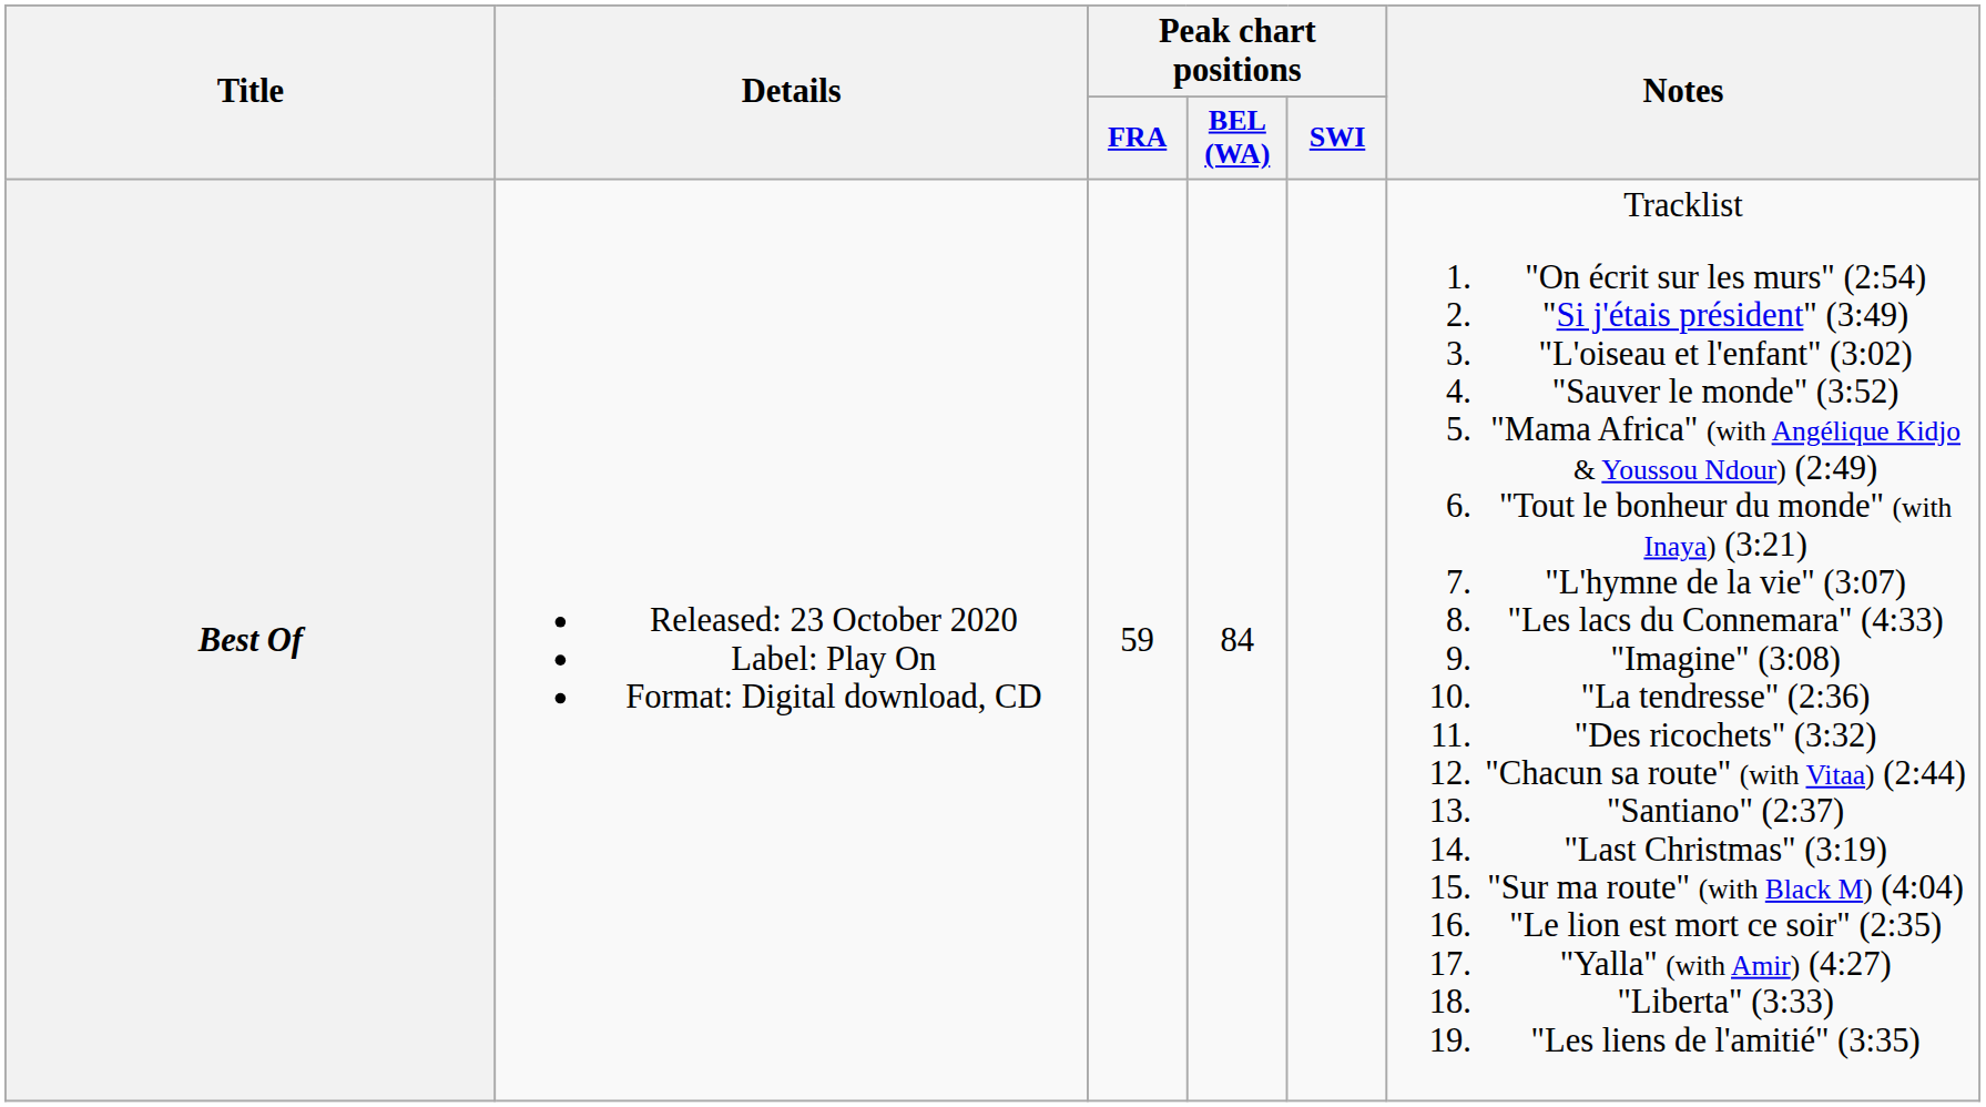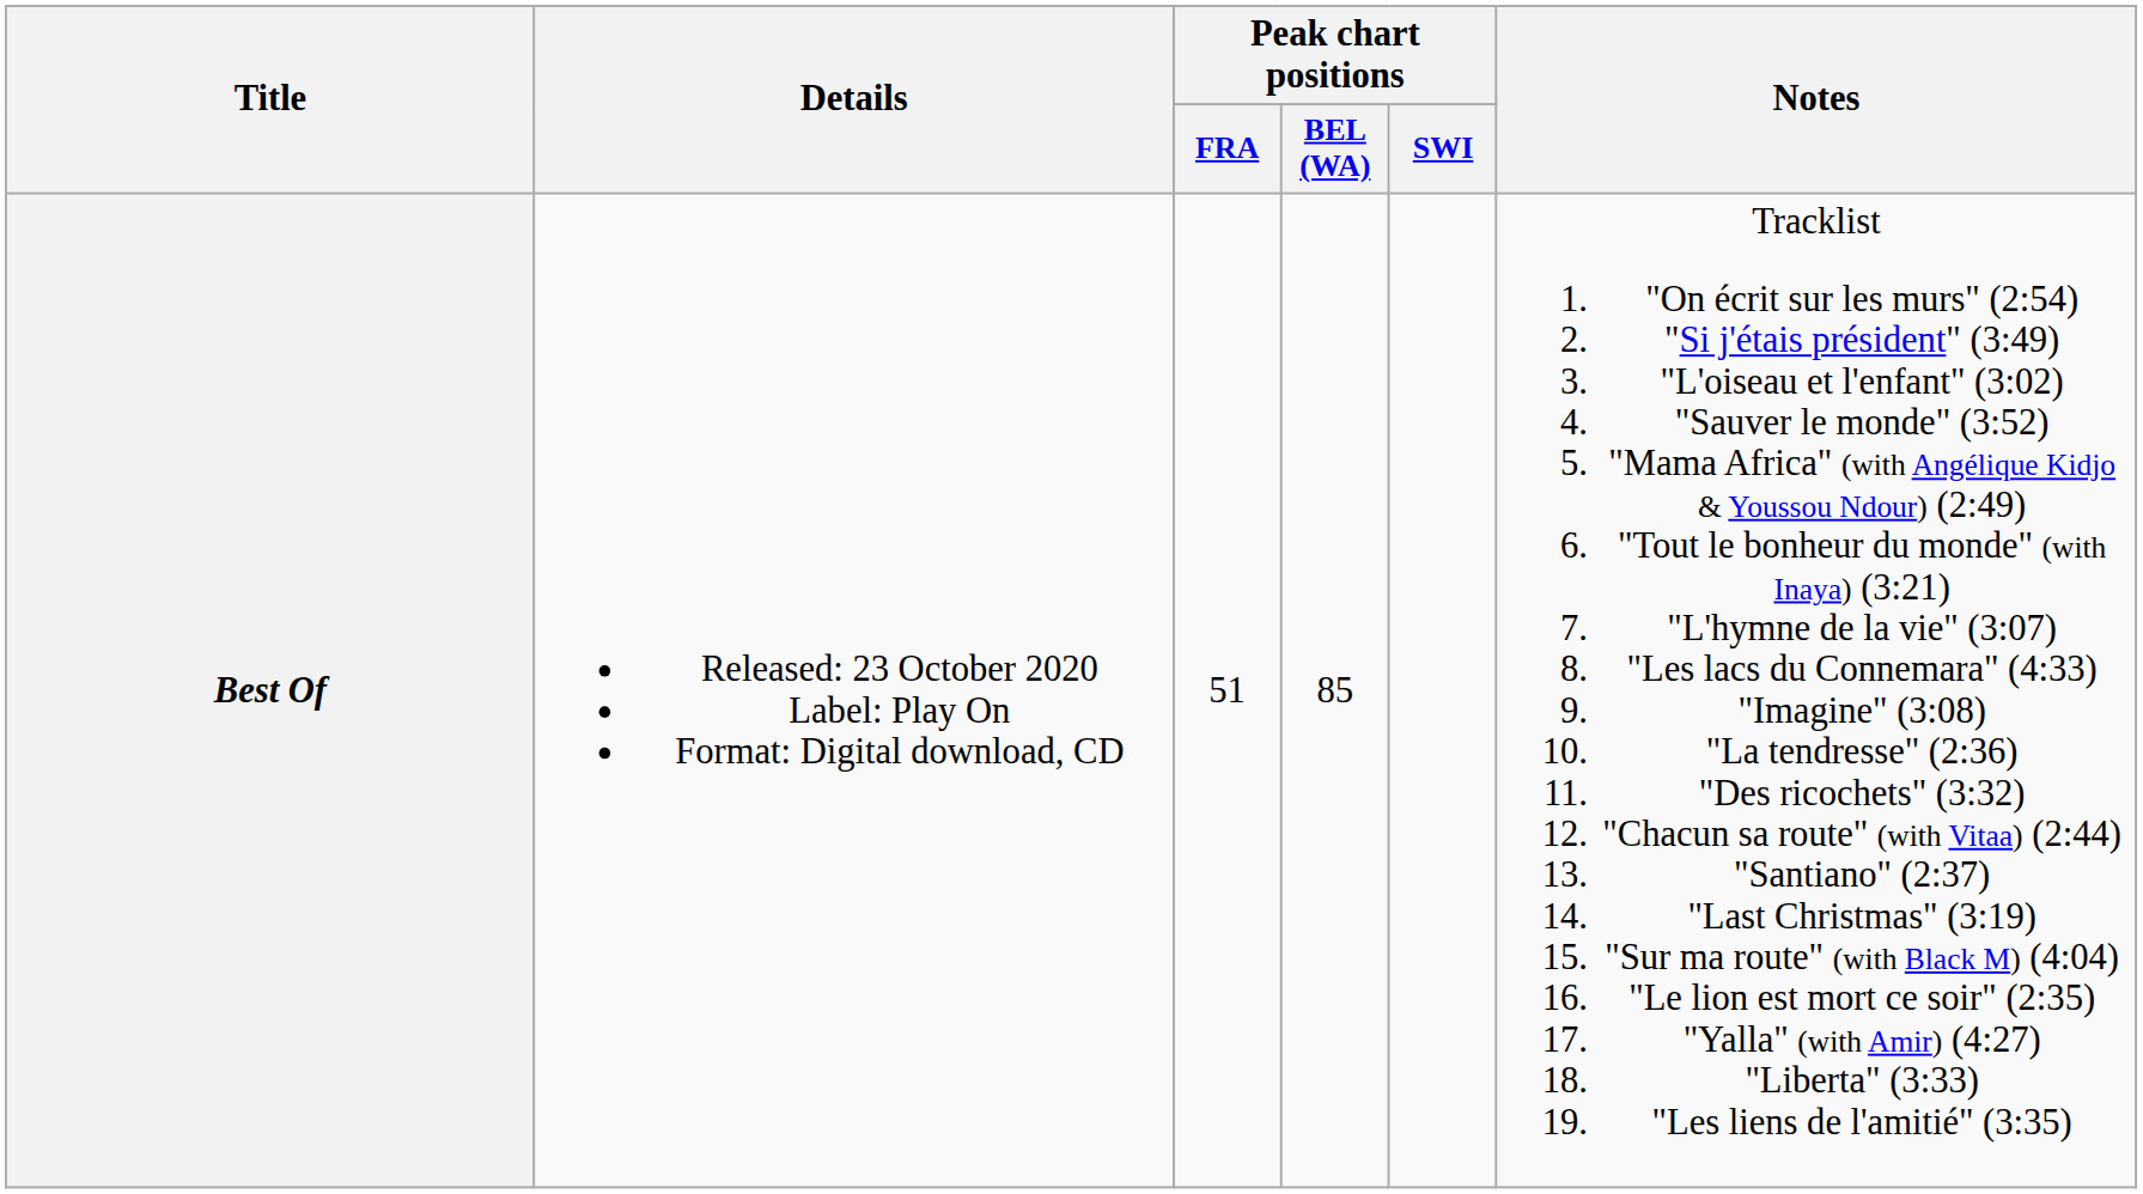 <table class="wikitable plainrowheaders" style="text-align:center;">
 <tr>
 <th scope="col" rowspan="2" style="width:14em;">Title</th>
 <th scope="col" rowspan="2" style="width:17em;">Details</th>
 <th scope="col" colspan="3">Peak chart positions</th>
 <th scope="col" rowspan="2" style="width:17em;">Notes</th>
 </tr>
 <tr>
 <th scope="col" style="width:3em;font-size:85%;"><a href='#'>FRA</a><br></th>
 <th scope="col" style="width:3em;font-size:85%;"><a href='#'>BEL<br>(WA)</a><br></th>
 <th scope="col" style="width:3em;font-size:85%;"><a href='#'>SWI</a><br></th>
 </tr>
 <tr>
 <th scope="row"><em>Best Of</em></th>
 <td><br><ul><li>Released: 23 October 2020</li><li>Label: Play On</li><li>Format: Digital download, CD</li></ul></td>
-<td>59</td>
-<td>84</td>
+<td>51</td>
+<td>85</td>
 <td></td>
 <td>Tracklist<br><ol><li>"On écrit sur les murs" (2:54)</li><li>"<a href='#'>Si j'étais président</a>" (3:49)</li><li>"L'oiseau et l'enfant" (3:02)</li><li>"Sauver le monde" (3:52)</li><li>"Mama Africa" <small>(with <a href='#'>Angélique Kidjo</a> & <a href='#'>Youssou Ndour</a>)</small> (2:49)</li><li>"Tout le bonheur du monde" <small>(with <a href='#'>Inaya</a>)</small> (3:21)</li><li>"L'hymne de la vie" (3:07)</li><li>"Les lacs du Connemara" (4:33)</li><li>"Imagine" (3:08)</li><li>"La tendresse" (2:36)</li><li>"Des ricochets" (3:32)</li><li>"Chacun sa route" <small>(with <a href='#'>Vitaa</a>)</small> (2:44)</li><li>"Santiano" (2:37)</li><li>"Last Christmas" (3:19)</li><li>"Sur ma route" <small>(with <a href='#'>Black M</a>)</small> (4:04)</li><li>"Le lion est mort ce soir" (2:35)</li><li>"Yalla" <small>(with <a href='#'>Amir</a>)</small> (4:27)</li><li>"Liberta" (3:33)</li><li>"Les liens de l'amitié" (3:35)</li></ol></td>
 </tr>
 </table>
